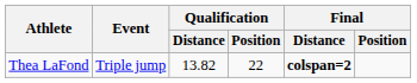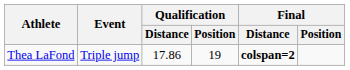 <table class=wikitable style=font-size:90%>
 <tr>
 <th rowspan=2>Athlete</th>
 <th rowspan=2>Event</th>
 <th colspan=2>Qualification</th>
 <th colspan=2>Final</th>
 </tr>
 <tr style=font-size:95%>
 <th>Distance</th>
 <th>Position</th>
 <th>Distance</th>
 <th>Position</th>
 </tr>
 <tr align=center>
 <td align=left><a href='#'>Thea LaFond</a></td>
 <td align=left><a href='#'>Triple jump</a></td>
-<td>13.82</td>
-<td>22</td>
+<td>17.86</td>
+<td>19</td>
 <td><strong>colspan=2 </strong></td>
 </tr>
 </table>
